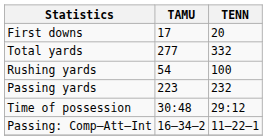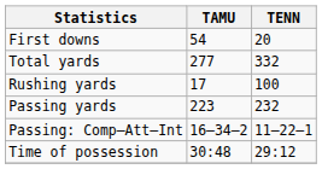 <table class="wikitable" style="float: left;">
 <tr>
 <th>Statistics</th>
 <th>TAMU</th>
 <th>TENN</th>
 </tr>
 <tr>
 <td>First downs</td>
-<td>17</td>
+<td>54</td>
 <td>20</td>
 </tr>
 <tr>
 <td>Total yards</td>
 <td>277</td>
 <td>332</td>
 </tr>
 <tr>
 <td>Rushing yards</td>
-<td>54</td>
+<td>17</td>
 <td>100</td>
 </tr>
 <tr>
 <td>Passing yards</td>
 <td>223</td>
 <td>232</td>
 </tr>
 <tr>
+<td>Passing: Comp–Att–Int</td>
+<td>16–34–2</td>
+<td>11–22–1</td>
+</tr>
+<tr>
 <td>Time of possession</td>
 <td>30:48</td>
 <td>29:12</td>
 </tr>
 <tr>
-<td>Passing: Comp–Att–Int</td>
-<td>16–34–2</td>
-<td>11–22–1</td>
-</tr>
-<tr>
 </tr>
 </table>
